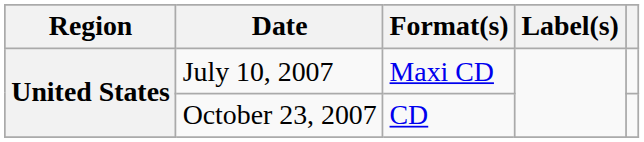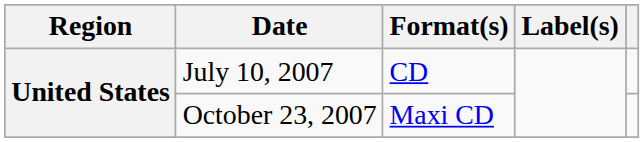 <table class="wikitable plainrowheaders">
 <tr>
 <th scope="col">Region</th>
 <th scope="col">Date</th>
 <th scope="col">Format(s)</th>
 <th scope="col">Label(s)</th>
 <th scope="col"></th>
 </tr>
 <tr>
 <th rowspan="2" scope="row">United States</th>
 <td>July 10, 2007</td>
-<td><a href='#'>Maxi CD</a> </td>
+<td><a href='#'>CD</a></td>
 <td rowspan="2"></td>
 <td align="center"></td>
 </tr>
 <tr>
 <td>October 23, 2007</td>
-<td><a href='#'>CD</a></td>
+<td><a href='#'>Maxi CD</a> </td>
 <td align="center"></td>
 </tr>
 </table>
